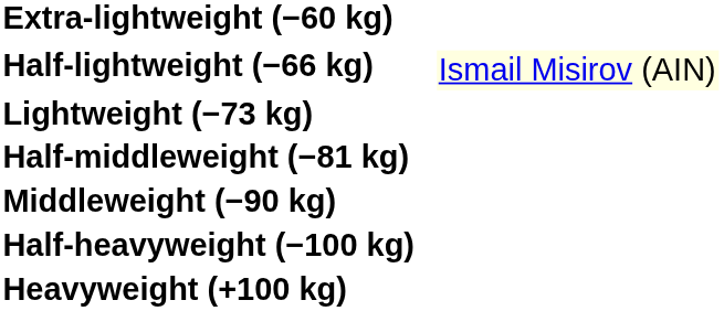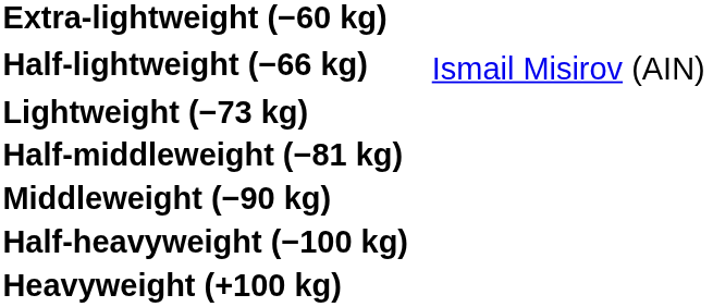 <table>
 <tr>
 <th rowspan=2 style="text-align:left;">Extra-lightweight (−60 kg)</th>
 <td rowspan=2></td>
 <td rowspan=2></td>
 <td></td>
 </tr>
 <tr>
 <td></td>
 </tr>
 <tr>
 <th rowspan=2 style="text-align:left;">Half-lightweight (−66 kg)</th>
 <td rowspan=2></td>
 <td rowspan=2></td>
 <td></td>
 </tr>
 <tr>
-<td style="background: lightyellow;"> <a href='#'>Ismail Misirov</a> <span>(<abbr>AIN</abbr>)</span></td>
+<td> <a href='#'>Ismail Misirov</a> <span>(<abbr>AIN</abbr>)</span></td>
 </tr>
 <tr>
 <th rowspan=2 style="text-align:left;">Lightweight (−73 kg)</th>
 <td rowspan=2></td>
 <td rowspan=2></td>
 <td></td>
 </tr>
 <tr>
 <td></td>
 </tr>
 <tr>
 <th rowspan=2 style="text-align:left;">Half-middleweight (−81 kg)</th>
 <td rowspan=2></td>
 <td rowspan=2></td>
 <td></td>
 </tr>
 <tr>
 <td></td>
 </tr>
 <tr>
 <th rowspan=2 style="text-align:left;">Middleweight (−90 kg)</th>
 <td rowspan=2></td>
 <td rowspan=2></td>
 <td></td>
 </tr>
 <tr>
 <td></td>
 </tr>
 <tr>
 <th rowspan=2 style="text-align:left;">Half-heavyweight (−100 kg)</th>
 <td rowspan=2></td>
 <td rowspan=2></td>
 <td></td>
 </tr>
 <tr>
 <td></td>
 </tr>
 <tr>
 <th rowspan=2 style="text-align:left;">Heavyweight (+100 kg)</th>
 <td rowspan=2></td>
 <td rowspan=2></td>
 <td></td>
 </tr>
 <tr>
 <td></td>
 </tr>
 </table>
